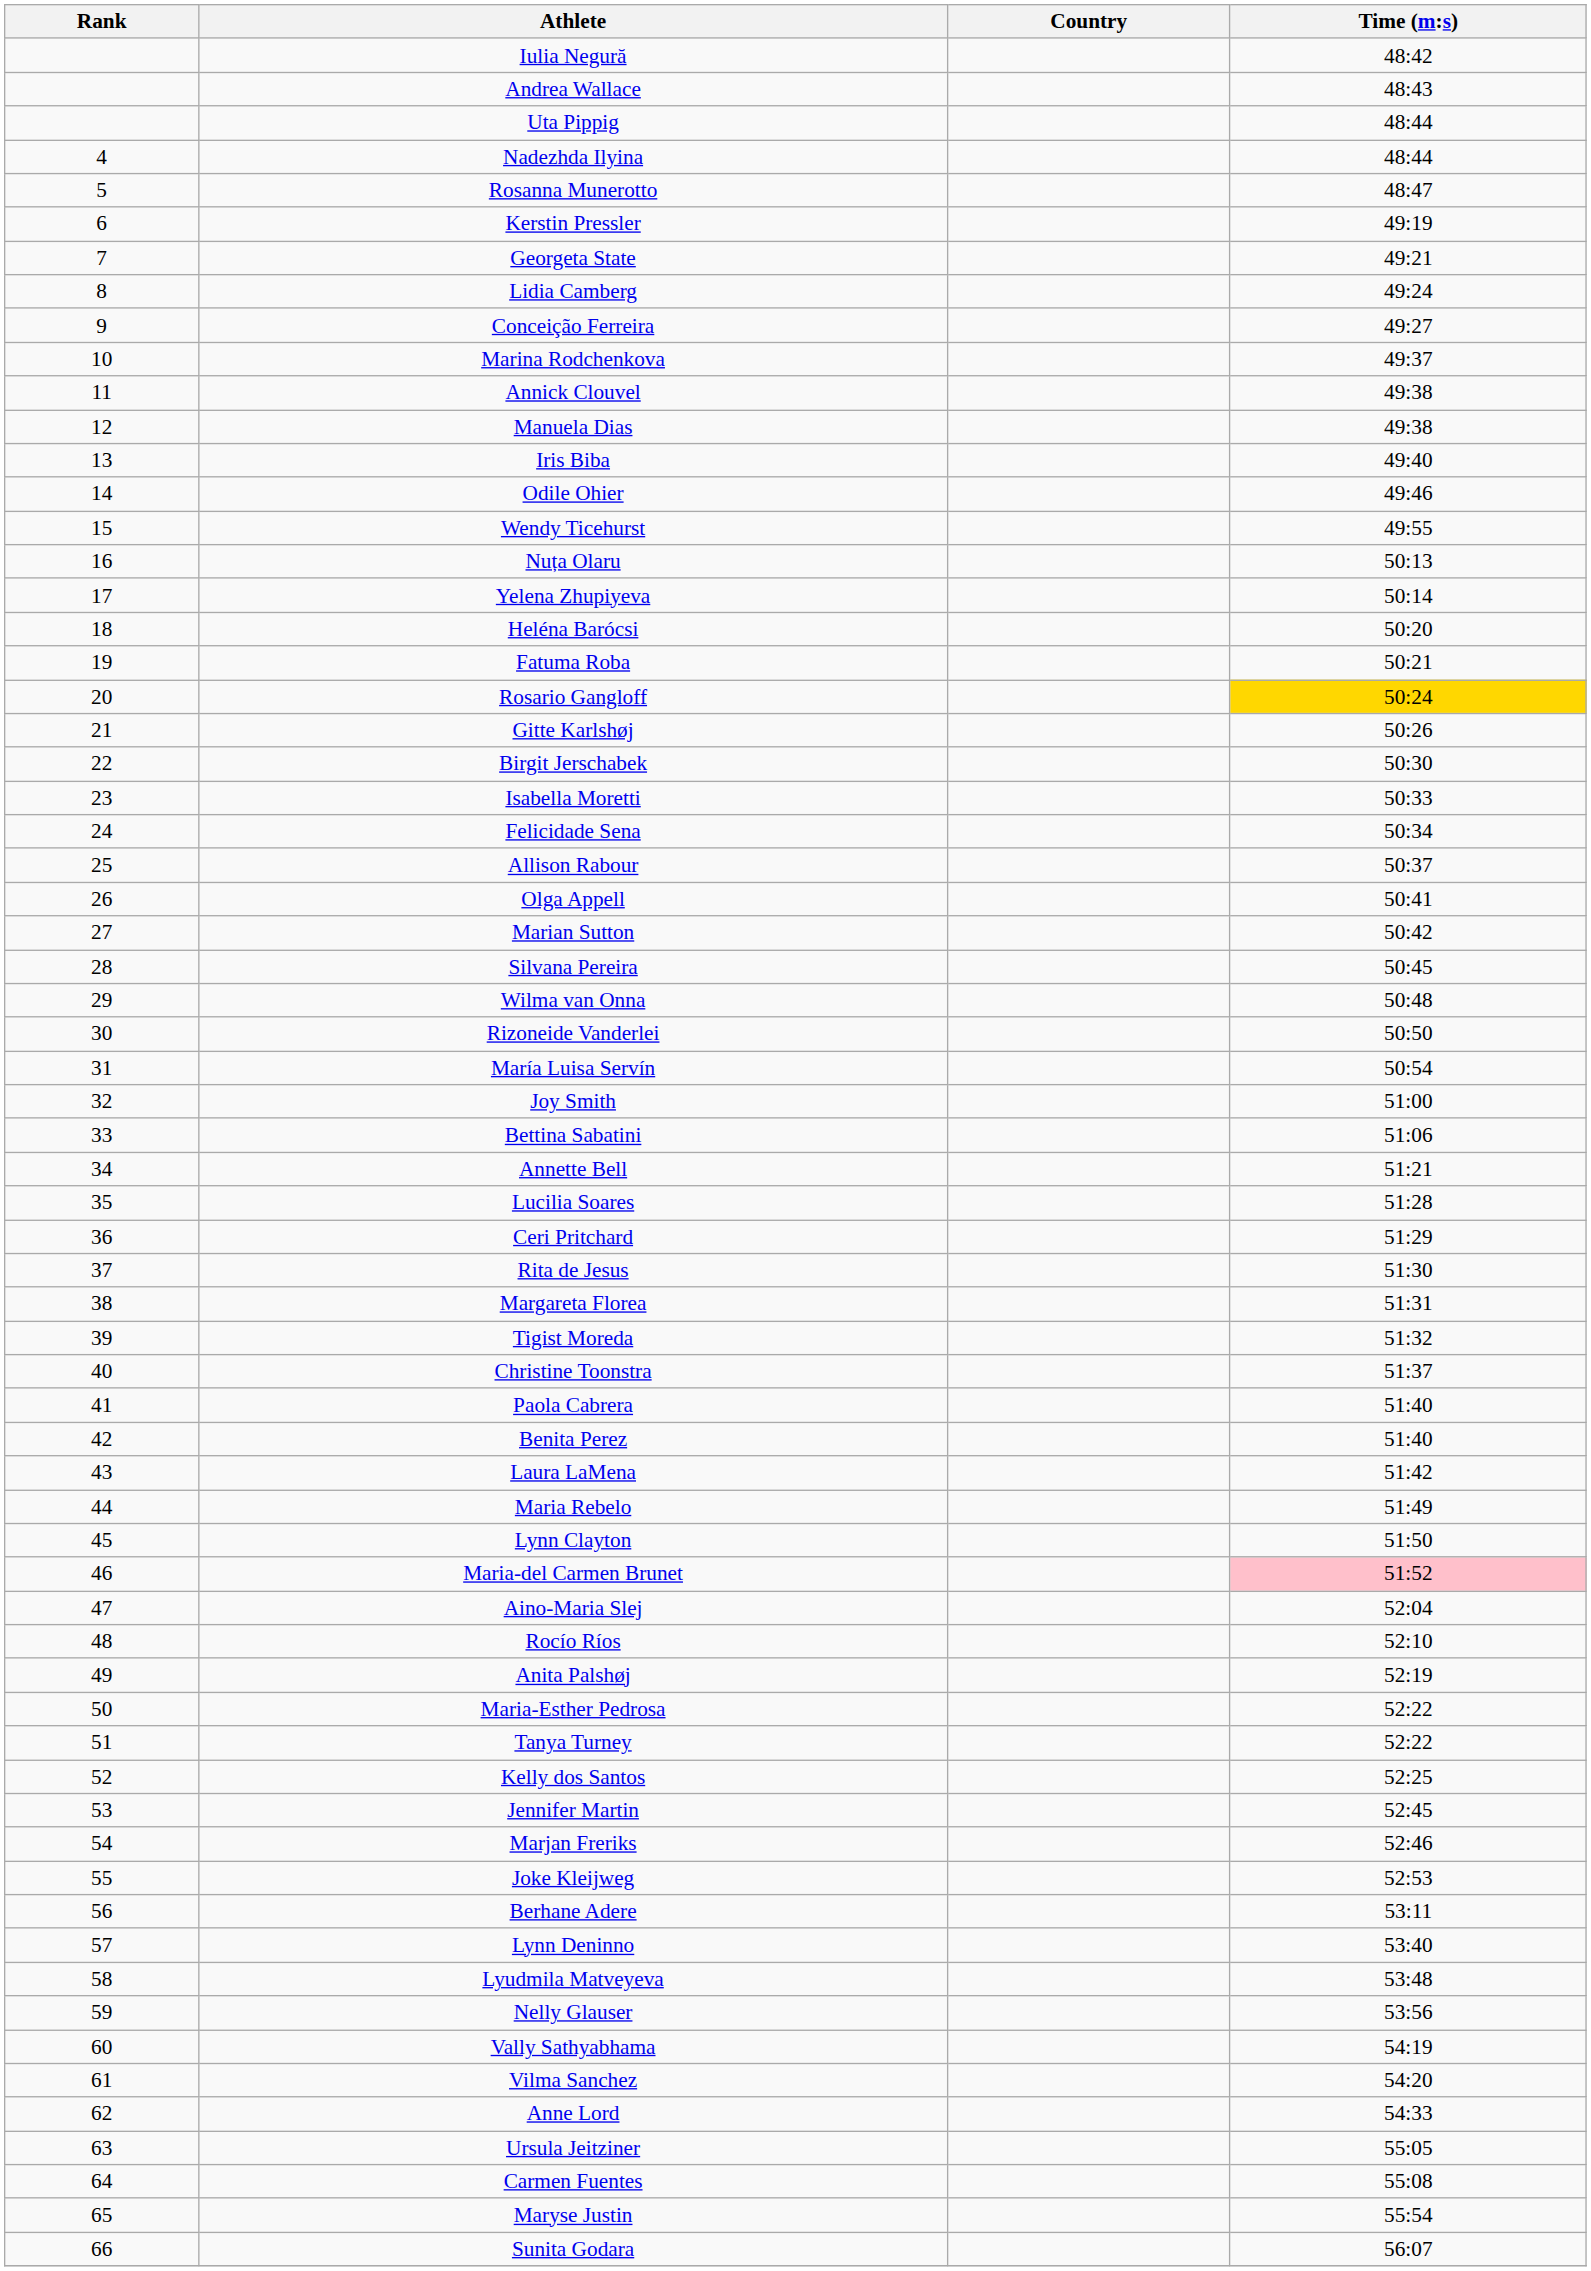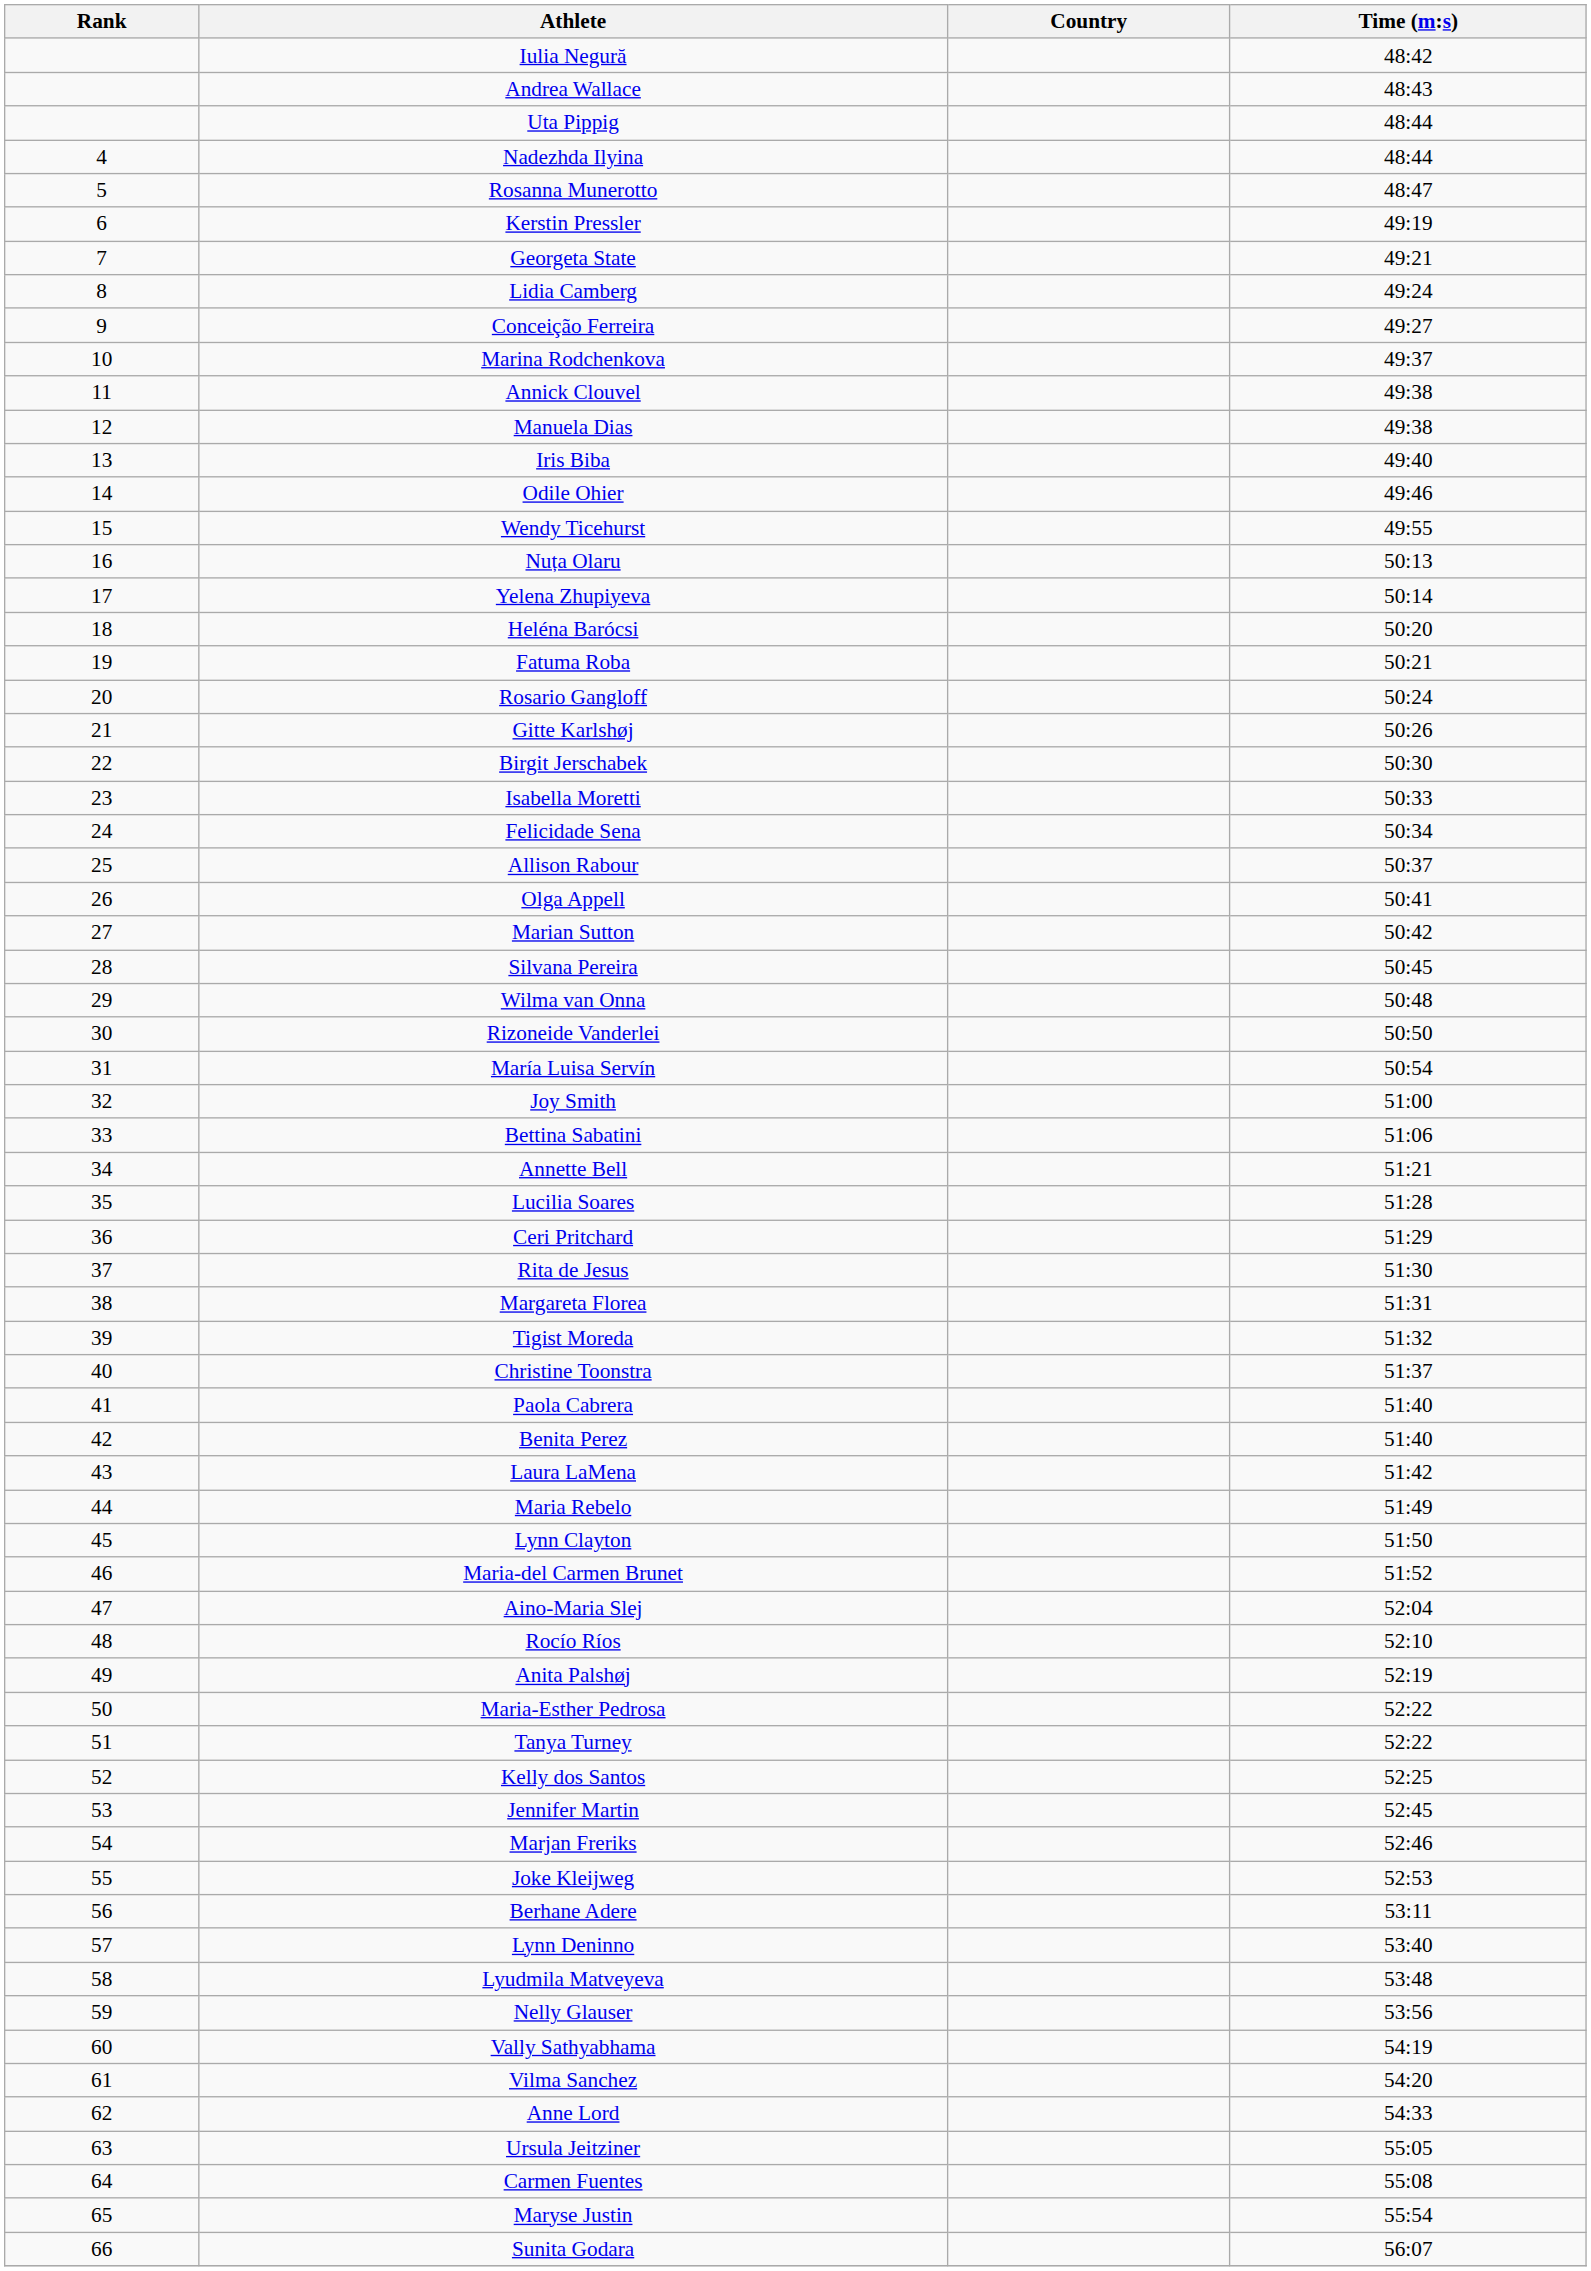 <table class="wikitable sortable" style="text-align:center;" width="60%">
 <tr>
 <th>Rank</th>
 <th>Athlete</th>
 <th>Country</th>
 <th>Time (<a href='#'>m</a>:<a href='#'>s</a>)</th>
 </tr>
 <tr>
 <td></td>
 <td><a href='#'>Iulia Negură</a></td>
 <td align=left></td>
 <td>48:42</td>
 </tr>
 <tr>
 <td></td>
 <td><a href='#'>Andrea Wallace</a></td>
 <td align=left></td>
 <td>48:43</td>
 </tr>
 <tr>
 <td></td>
 <td><a href='#'>Uta Pippig</a></td>
 <td align=left></td>
 <td>48:44</td>
 </tr>
 <tr>
 <td>4</td>
 <td><a href='#'>Nadezhda Ilyina</a></td>
 <td align=left></td>
 <td>48:44</td>
 </tr>
 <tr>
 <td>5</td>
 <td><a href='#'>Rosanna Munerotto</a></td>
 <td align=left></td>
 <td>48:47</td>
 </tr>
 <tr>
 <td>6</td>
 <td><a href='#'>Kerstin Pressler</a></td>
 <td align=left></td>
 <td>49:19</td>
 </tr>
 <tr>
 <td>7</td>
 <td><a href='#'>Georgeta State</a></td>
 <td align=left></td>
 <td>49:21</td>
 </tr>
 <tr>
 <td>8</td>
 <td><a href='#'>Lidia Camberg</a></td>
 <td align=left></td>
 <td>49:24</td>
 </tr>
 <tr>
 <td>9</td>
 <td><a href='#'>Conceição Ferreira</a></td>
 <td align=left></td>
 <td>49:27</td>
 </tr>
 <tr>
 <td>10</td>
 <td><a href='#'>Marina Rodchenkova</a></td>
 <td align=left></td>
 <td>49:37</td>
 </tr>
 <tr>
 <td>11</td>
 <td><a href='#'>Annick Clouvel</a></td>
 <td align=left></td>
 <td>49:38</td>
 </tr>
 <tr>
 <td>12</td>
 <td><a href='#'>Manuela Dias</a></td>
 <td align=left></td>
 <td>49:38</td>
 </tr>
 <tr>
 <td>13</td>
 <td><a href='#'>Iris Biba</a></td>
 <td align=left></td>
 <td>49:40</td>
 </tr>
 <tr>
 <td>14</td>
 <td><a href='#'>Odile Ohier</a></td>
 <td align=left></td>
 <td>49:46</td>
 </tr>
 <tr>
 <td>15</td>
 <td><a href='#'>Wendy Ticehurst</a></td>
 <td align=left></td>
 <td>49:55</td>
 </tr>
 <tr>
 <td>16</td>
 <td><a href='#'>Nuța Olaru</a></td>
 <td align=left></td>
 <td>50:13</td>
 </tr>
 <tr>
 <td>17</td>
 <td><a href='#'>Yelena Zhupiyeva</a></td>
 <td align=left></td>
 <td>50:14</td>
 </tr>
 <tr>
 <td>18</td>
 <td><a href='#'>Heléna Barócsi</a></td>
 <td align=left></td>
 <td>50:20</td>
 </tr>
 <tr>
 <td>19</td>
 <td><a href='#'>Fatuma Roba</a></td>
 <td align=left></td>
 <td>50:21</td>
 </tr>
 <tr>
 <td>20</td>
 <td><a href='#'>Rosario Gangloff</a></td>
 <td align=left></td>
-<td style="background: gold;">50:24</td>
+<td>50:24</td>
 </tr>
 <tr>
 <td>21</td>
 <td><a href='#'>Gitte Karlshøj</a></td>
 <td align=left></td>
 <td>50:26</td>
 </tr>
 <tr>
 <td>22</td>
 <td><a href='#'>Birgit Jerschabek</a></td>
 <td align=left></td>
 <td>50:30</td>
 </tr>
 <tr>
 <td>23</td>
 <td><a href='#'>Isabella Moretti</a></td>
 <td align=left></td>
 <td>50:33</td>
 </tr>
 <tr>
 <td>24</td>
 <td><a href='#'>Felicidade Sena</a></td>
 <td align=left></td>
 <td>50:34</td>
 </tr>
 <tr>
 <td>25</td>
 <td><a href='#'>Allison Rabour</a></td>
 <td align=left></td>
 <td>50:37</td>
 </tr>
 <tr>
 <td>26</td>
 <td><a href='#'>Olga Appell</a></td>
 <td align=left></td>
 <td>50:41</td>
 </tr>
 <tr>
 <td>27</td>
 <td><a href='#'>Marian Sutton</a></td>
 <td align=left></td>
 <td>50:42</td>
 </tr>
 <tr>
 <td>28</td>
 <td><a href='#'>Silvana Pereira</a></td>
 <td align=left></td>
 <td>50:45</td>
 </tr>
 <tr>
 <td>29</td>
 <td><a href='#'>Wilma van Onna</a></td>
 <td align=left></td>
 <td>50:48</td>
 </tr>
 <tr>
 <td>30</td>
 <td><a href='#'>Rizoneide Vanderlei</a></td>
 <td align=left></td>
 <td>50:50</td>
 </tr>
 <tr>
 <td>31</td>
 <td><a href='#'>María Luisa Servín</a></td>
 <td align=left></td>
 <td>50:54</td>
 </tr>
 <tr>
 <td>32</td>
 <td><a href='#'>Joy Smith</a></td>
 <td align=left></td>
 <td>51:00</td>
 </tr>
 <tr>
 <td>33</td>
 <td><a href='#'>Bettina Sabatini</a></td>
 <td align=left></td>
 <td>51:06</td>
 </tr>
 <tr>
 <td>34</td>
 <td><a href='#'>Annette Bell</a></td>
 <td align=left></td>
 <td>51:21</td>
 </tr>
 <tr>
 <td>35</td>
 <td><a href='#'>Lucilia Soares</a></td>
 <td align=left></td>
 <td>51:28</td>
 </tr>
 <tr>
 <td>36</td>
 <td><a href='#'>Ceri Pritchard</a></td>
 <td align=left></td>
 <td>51:29</td>
 </tr>
 <tr>
 <td>37</td>
 <td><a href='#'>Rita de Jesus</a></td>
 <td align=left></td>
 <td>51:30</td>
 </tr>
 <tr>
 <td>38</td>
 <td><a href='#'>Margareta Florea</a></td>
 <td align=left></td>
 <td>51:31</td>
 </tr>
 <tr>
 <td>39</td>
 <td><a href='#'>Tigist Moreda</a></td>
 <td align=left></td>
 <td>51:32</td>
 </tr>
 <tr>
 <td>40</td>
 <td><a href='#'>Christine Toonstra</a></td>
 <td align=left></td>
 <td>51:37</td>
 </tr>
 <tr>
 <td>41</td>
 <td><a href='#'>Paola Cabrera</a></td>
 <td align=left></td>
 <td>51:40</td>
 </tr>
 <tr>
 <td>42</td>
 <td><a href='#'>Benita Perez</a></td>
 <td align=left></td>
 <td>51:40</td>
 </tr>
 <tr>
 <td>43</td>
 <td><a href='#'>Laura LaMena</a></td>
 <td align=left></td>
 <td>51:42</td>
 </tr>
 <tr>
 <td>44</td>
 <td><a href='#'>Maria Rebelo</a></td>
 <td align=left></td>
 <td>51:49</td>
 </tr>
 <tr>
 <td>45</td>
 <td><a href='#'>Lynn Clayton</a></td>
 <td align=left></td>
 <td>51:50</td>
 </tr>
 <tr>
 <td>46</td>
 <td><a href='#'>Maria-del Carmen Brunet</a></td>
 <td align=left></td>
-<td style="background: pink;">51:52</td>
+<td>51:52</td>
 </tr>
 <tr>
 <td>47</td>
 <td><a href='#'>Aino-Maria Slej</a></td>
 <td align=left></td>
 <td>52:04</td>
 </tr>
 <tr>
 <td>48</td>
 <td><a href='#'>Rocío Ríos</a></td>
 <td align=left></td>
 <td>52:10</td>
 </tr>
 <tr>
 <td>49</td>
 <td><a href='#'>Anita Palshøj</a></td>
 <td align=left></td>
 <td>52:19</td>
 </tr>
 <tr>
 <td>50</td>
 <td><a href='#'>Maria-Esther Pedrosa</a></td>
 <td align=left></td>
 <td>52:22</td>
 </tr>
 <tr>
 <td>51</td>
 <td><a href='#'>Tanya Turney</a></td>
 <td align=left></td>
 <td>52:22</td>
 </tr>
 <tr>
 <td>52</td>
 <td><a href='#'>Kelly dos Santos</a></td>
 <td align=left></td>
 <td>52:25</td>
 </tr>
 <tr>
 <td>53</td>
 <td><a href='#'>Jennifer Martin</a></td>
 <td align="left"></td>
 <td>52:45</td>
 </tr>
 <tr>
 <td>54</td>
 <td><a href='#'>Marjan Freriks</a></td>
 <td align=left></td>
 <td>52:46</td>
 </tr>
 <tr>
 <td>55</td>
 <td><a href='#'>Joke Kleijweg</a></td>
 <td align=left></td>
 <td>52:53</td>
 </tr>
 <tr>
 <td>56</td>
 <td><a href='#'>Berhane Adere</a></td>
 <td align=left></td>
 <td>53:11</td>
 </tr>
 <tr>
 <td>57</td>
 <td><a href='#'>Lynn Deninno</a></td>
 <td align=left></td>
 <td>53:40</td>
 </tr>
 <tr>
 <td>58</td>
 <td><a href='#'>Lyudmila Matveyeva</a></td>
 <td align=left></td>
 <td>53:48</td>
 </tr>
 <tr>
 <td>59</td>
 <td><a href='#'>Nelly Glauser</a></td>
 <td align=left></td>
 <td>53:56</td>
 </tr>
 <tr>
 <td>60</td>
 <td><a href='#'>Vally Sathyabhama</a></td>
 <td align=left></td>
 <td>54:19</td>
 </tr>
 <tr>
 <td>61</td>
 <td><a href='#'>Vilma Sanchez</a></td>
 <td align=left></td>
 <td>54:20</td>
 </tr>
 <tr>
 <td>62</td>
 <td><a href='#'>Anne Lord</a></td>
 <td align=left></td>
 <td>54:33</td>
 </tr>
 <tr>
 <td>63</td>
 <td><a href='#'>Ursula Jeitziner</a></td>
 <td align=left></td>
 <td>55:05</td>
 </tr>
 <tr>
 <td>64</td>
 <td><a href='#'>Carmen Fuentes</a></td>
 <td align=left></td>
 <td>55:08</td>
 </tr>
 <tr>
 <td>65</td>
 <td><a href='#'>Maryse Justin</a></td>
 <td align=left></td>
 <td>55:54</td>
 </tr>
 <tr>
 <td>66</td>
 <td><a href='#'>Sunita Godara</a></td>
 <td align=left></td>
 <td>56:07</td>
 </tr>
 <tr>
 </tr>
 </table>
